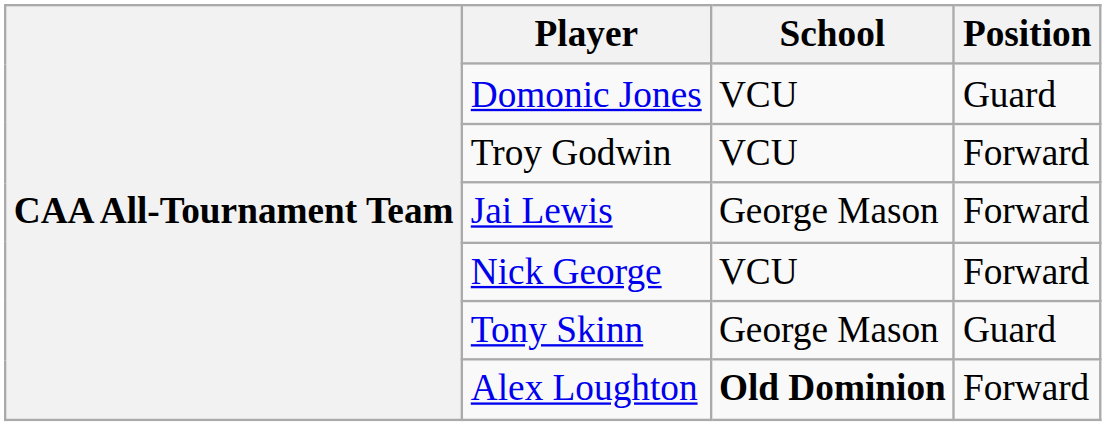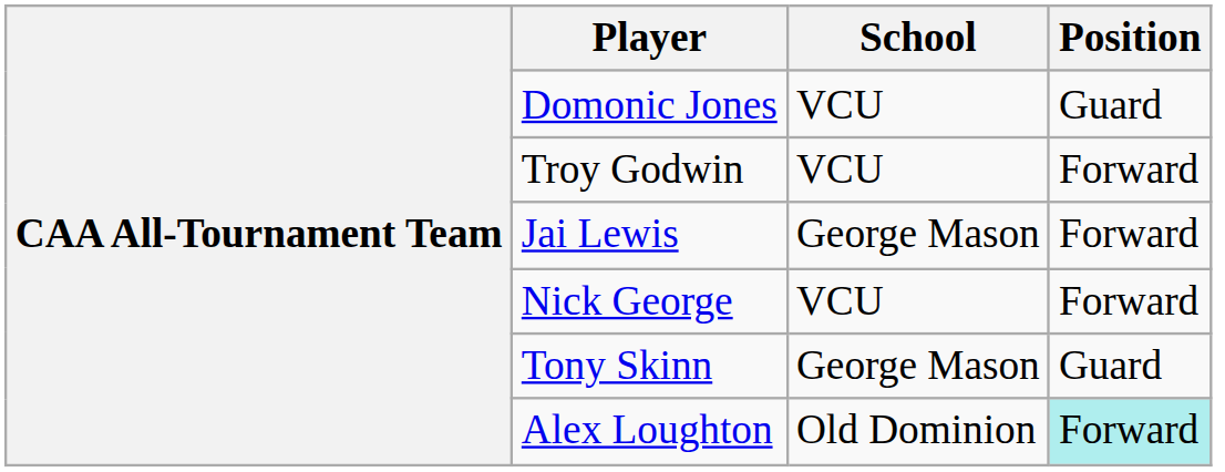 <table class="wikitable" border="1">
 <tr>
 <th rowspan=7 valign=middle>CAA All-Tournament Team</th>
 <th>Player</th>
 <th>School</th>
 <th>Position</th>
 </tr>
 <tr>
 <td><a href='#'>Domonic Jones</a></td>
 <td>VCU</td>
 <td>Guard</td>
 </tr>
 <tr>
 <td>Troy Godwin</td>
 <td>VCU</td>
 <td>Forward</td>
 </tr>
 <tr>
 <td><a href='#'>Jai Lewis</a></td>
 <td>George Mason</td>
 <td>Forward</td>
 </tr>
 <tr>
 <td><a href='#'>Nick George</a></td>
 <td>VCU</td>
 <td>Forward</td>
 </tr>
 <tr>
 <td><a href='#'>Tony Skinn</a></td>
 <td>George Mason</td>
 <td>Guard</td>
 </tr>
 <tr>
 <td><a href='#'>Alex Loughton</a></td>
-<td><strong>Old Dominion</strong></td>
-<td>Forward</td>
+<td>Old Dominion</td>
+<td style="background: paleturquoise;">Forward</td>
 </tr>
 </table>
